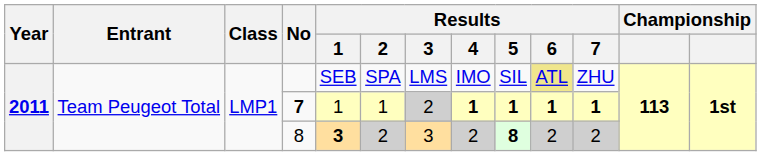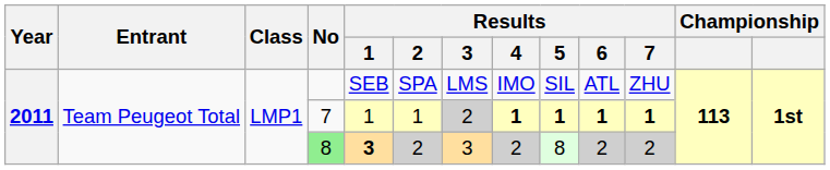 <table class="wikitable" style="text-align:center; font-size:90%">
 <tr>
 <th rowspan=2>Year</th>
 <th rowspan=2>Entrant</th>
 <th rowspan=2>Class</th>
 <th rowspan=2>No</th>
 <th colspan=7>Results</th>
 <th colspan=2>Championship</th>
 </tr>
 <tr>
 <th>1</th>
 <th>2</th>
 <th>3</th>
 <th>4</th>
 <th>5</th>
 <th>6</th>
 <th>7</th>
 <th></th>
 <th></th>
 </tr>
 <tr>
 <th rowspan=3><a href='#'>2011</a></th>
 <td rowspan=3> <a href='#'>Team Peugeot Total</a></td>
 <td rowspan=3><a href='#'>LMP1</a></td>
 <td></td>
 <td style="border-bottom:0px"><a href='#'>SEB</a></td>
 <td style="border-bottom:0px"><a href='#'>SPA</a></td>
 <td style="border-bottom:0px"><a href='#'>LMS</a></td>
 <td style="border-bottom:0px"><a href='#'>IMO</a></td>
 <td style="border-bottom:0px"><a href='#'>SIL</a></td>
-<td style="background: khaki; border-bottom:0px"><a href='#'>ATL</a></td>
+<td style="border-bottom:0px"><a href='#'>ATL</a></td>
 <td style="border-bottom:0px"><a href='#'>ZHU</a></td>
 <th rowspan=3 style="background:#FFFFBF;">113</th>
 <th rowspan=3 style="background:#FFFFBF;">1st</th>
 </tr>
 <tr>
-<td><strong>7</strong></td>
+<td>7</td>
 <td style="background:#fFfFbF;">1</td>
 <td style="background:#FFFFbF;">1</td>
 <td style="background:#cFcFcF;">2</td>
 <td style="background:#FFFFbF;"><strong>1</strong></td>
 <td style="background:#FFFFbF;"><strong>1</strong></td>
 <td style="background:#FFFFbF;"><strong>1</strong></td>
 <td style="background:#FFFFbF;"><strong>1</strong></td>
 </tr>
 <tr>
-<td>8</td>
+<td style="background: lightgreen;">8</td>
 <td style="background:#fFdF9F;"><strong>3</strong></td>
 <td style="background:#cFcFcF;">2</td>
 <td style="background:#FFdF9F;">3</td>
 <td style="background:#cFcFcF;">2</td>
-<td style="background:#dFfFdF;"><strong>8</strong></td>
+<td style="background:#dFfFdF;">8</td>
 <td style="background:#cFcFcF;">2</td>
 <td style="background:#cFcFcF;">2</td>
 </tr>
 </table>
